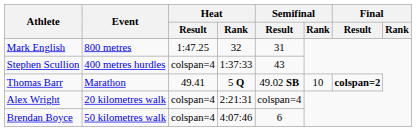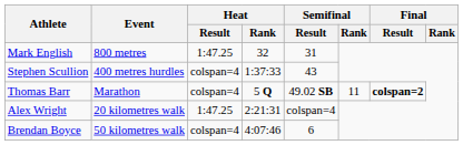 <table class="wikitable" style="font-size:90%">
 <tr>
 <th rowspan="2">Athlete</th>
 <th rowspan="2">Event</th>
 <th colspan="2">Heat</th>
 <th colspan="2">Semifinal</th>
 <th colspan="2">Final</th>
 </tr>
 <tr style="font-size:95%">
 <th>Result</th>
 <th>Rank</th>
 <th>Result</th>
 <th>Rank</th>
 <th>Result</th>
 <th>Rank</th>
 </tr>
 <tr style=text-align:center>
 <td style=text-align:left><a href='#'>Mark English</a></td>
 <td style=text-align:left><a href='#'>800 metres</a></td>
 <td>1:47.25</td>
 <td>32</td>
 <td>31</td>
 </tr>
 <tr style=text-align:center>
 <td style=text-align:left><a href='#'>Stephen Scullion</a></td>
 <td style=text-align:left><a href='#'>400 metres hurdles</a></td>
 <td>colspan=4</td>
 <td>1:37:33</td>
 <td>43</td>
 </tr>
 <tr style=text-align:center>
 <td style=text-align:left><a href='#'>Thomas Barr</a></td>
 <td style=text-align:left><a href='#'>Marathon</a></td>
-<td>49.41</td>
+<td>colspan=4</td>
 <td>5 <strong>Q</strong></td>
 <td>49.02 <strong>SB</strong></td>
-<td>10</td>
+<td>11</td>
 <td><strong>colspan=2 </strong></td>
 </tr>
 <tr style=text-align:center>
 <td style=text-align:left><a href='#'>Alex Wright</a></td>
 <td style=text-align:left><a href='#'>20 kilometres walk</a></td>
-<td>colspan=4</td>
+<td>1:47.25</td>
 <td>2:21:31</td>
 <td>colspan=4 </td>
 </tr>
 <tr style=text-align:center>
 <td style=text-align:left><a href='#'>Brendan Boyce</a></td>
 <td style=text-align:left><a href='#'>50 kilometres walk</a></td>
 <td>colspan=4</td>
 <td>4:07:46</td>
 <td>6</td>
 </tr>
 </table>
